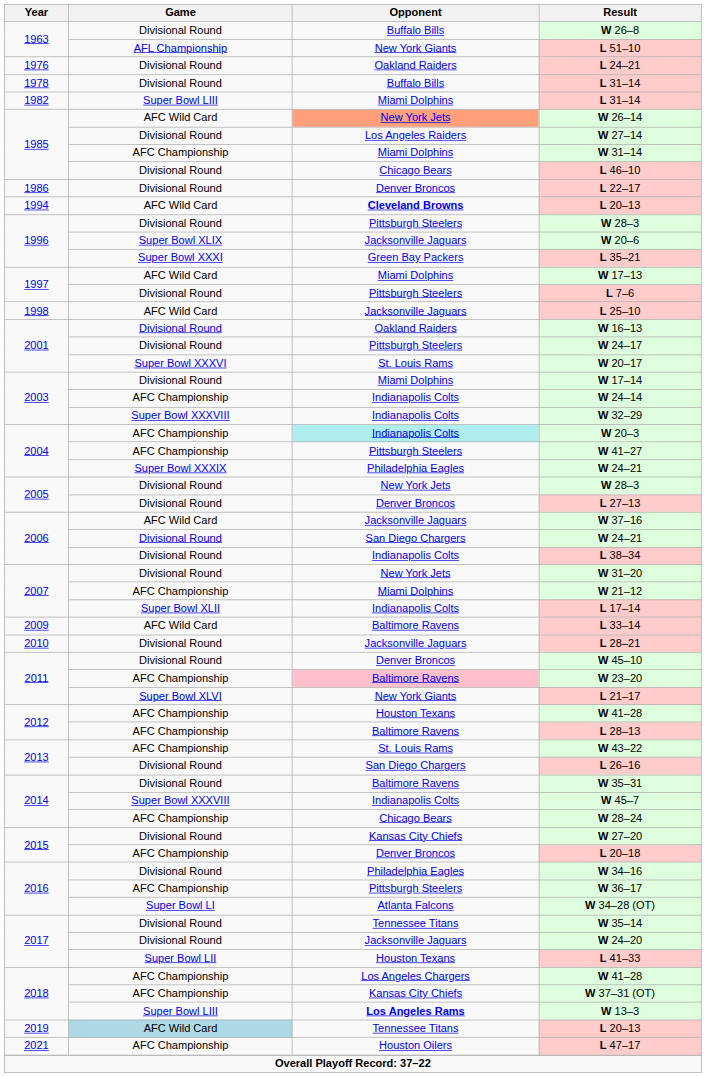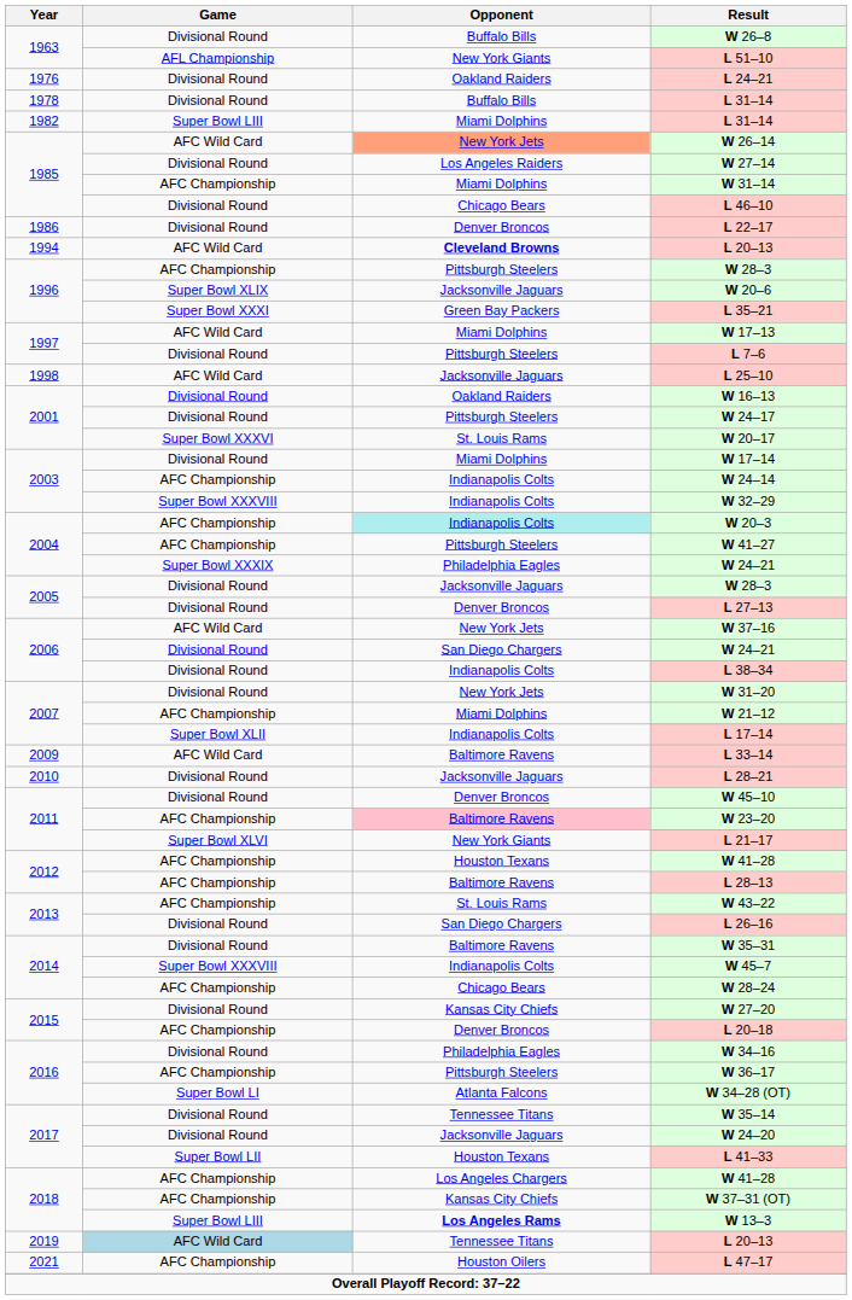 <table class="wikitable" style="width:80%;text-align:center">
 <tr>
 <th>Year</th>
 <th>Game</th>
 <th>Opponent</th>
 <th>Result</th>
 </tr>
 <tr>
 <td rowspan="2"><a href='#'>1963</a></td>
 <td>Divisional Round</td>
 <td><a href='#'>Buffalo Bills</a></td>
 <td style="background:#dfd"><strong>W</strong> 26–8</td>
 </tr>
 <tr>
 <td><a href='#'>AFL Championship</a></td>
 <td><a href='#'>New York Giants</a></td>
 <td style="background:#fcc"><strong>L</strong> 51–10</td>
 </tr>
 <tr>
 <td><a href='#'>1976</a></td>
 <td>Divisional Round</td>
 <td><a href='#'>Oakland Raiders</a></td>
 <td style="background:#fcc"><strong>L</strong> 24–21</td>
 </tr>
 <tr>
 <td><a href='#'>1978</a></td>
 <td>Divisional Round</td>
 <td><a href='#'>Buffalo Bills</a></td>
 <td style="background:#fcc"><strong>L</strong> 31–14</td>
 </tr>
 <tr>
 <td><a href='#'>1982</a></td>
 <td><a href='#'>Super Bowl LIII</a></td>
 <td><a href='#'>Miami Dolphins</a></td>
 <td style="background:#fcc"><strong>L</strong> 31–14</td>
 </tr>
 <tr>
 <td rowspan="4"><a href='#'>1985</a></td>
 <td>AFC Wild Card</td>
 <td style="background: lightsalmon;"><a href='#'>New York Jets</a></td>
 <td style="background:#dfd"><strong>W</strong> 26–14</td>
 </tr>
 <tr>
 <td>Divisional Round</td>
 <td><a href='#'>Los Angeles Raiders</a></td>
 <td style="background:#dfd"><strong>W</strong> 27–14</td>
 </tr>
 <tr>
 <td>AFC Championship</td>
 <td><a href='#'>Miami Dolphins</a></td>
 <td style="background:#dfd"><strong>W</strong> 31–14</td>
 </tr>
 <tr>
 <td>Divisional Round</td>
 <td><a href='#'>Chicago Bears</a></td>
 <td style="background:#fcc"><strong>L</strong> 46–10</td>
 </tr>
 <tr>
 <td><a href='#'>1986</a></td>
 <td>Divisional Round</td>
 <td><a href='#'>Denver Broncos</a></td>
 <td style="background:#fcc"><strong>L</strong> 22–17</td>
 </tr>
 <tr>
 <td><a href='#'>1994</a></td>
 <td>AFC Wild Card</td>
 <td><strong><a href='#'>Cleveland Browns</a></strong></td>
 <td style="background:#fcc"><strong>L</strong> 20–13</td>
 </tr>
 <tr>
 <td rowspan="3"><a href='#'>1996</a></td>
-<td>Divisional Round</td>
+<td>AFC Championship</td>
 <td><a href='#'>Pittsburgh Steelers</a></td>
 <td style="background:#dfd"><strong>W</strong> 28–3</td>
 </tr>
 <tr>
 <td><a href='#'>Super Bowl XLIX</a></td>
 <td><a href='#'>Jacksonville Jaguars</a></td>
 <td style="background:#dfd"><strong>W</strong> 20–6</td>
 </tr>
 <tr>
 <td><a href='#'>Super Bowl XXXI</a></td>
 <td><a href='#'>Green Bay Packers</a></td>
 <td style="background:#fcc"><strong>L</strong> 35–21</td>
 </tr>
 <tr>
 <td rowspan="2"><a href='#'>1997</a></td>
 <td>AFC Wild Card</td>
 <td><a href='#'>Miami Dolphins</a></td>
 <td style="background:#dfd"><strong>W</strong> 17–13</td>
 </tr>
 <tr>
 <td>Divisional Round</td>
 <td><a href='#'>Pittsburgh Steelers</a></td>
 <td style="background:#fcc"><strong>L</strong> 7–6</td>
 </tr>
 <tr>
 <td><a href='#'>1998</a></td>
 <td>AFC Wild Card</td>
 <td><a href='#'>Jacksonville Jaguars</a></td>
 <td style="background:#fcc"><strong>L</strong> 25–10</td>
 </tr>
 <tr>
 <td rowspan="3"><a href='#'>2001</a></td>
 <td><a href='#'>Divisional Round</a></td>
 <td><a href='#'>Oakland Raiders</a></td>
 <td style="background:#dfd"><strong>W</strong> 16–13</td>
 </tr>
 <tr>
 <td>Divisional Round</td>
 <td><a href='#'>Pittsburgh Steelers</a></td>
 <td style="background:#dfd"><strong>W</strong> 24–17</td>
 </tr>
 <tr>
 <td><a href='#'>Super Bowl XXXVI</a></td>
 <td><a href='#'>St. Louis Rams</a></td>
 <td style="background:#dfd"><strong>W</strong> 20–17</td>
 </tr>
 <tr>
 <td rowspan="3"><a href='#'>2003</a></td>
 <td>Divisional Round</td>
 <td><a href='#'>Miami Dolphins</a></td>
 <td style="background:#dfd"><strong>W</strong> 17–14</td>
 </tr>
 <tr>
 <td>AFC Championship</td>
 <td><a href='#'>Indianapolis Colts</a></td>
 <td style="background:#dfd"><strong>W</strong> 24–14</td>
 </tr>
 <tr>
 <td><a href='#'>Super Bowl XXXVIII</a></td>
 <td><a href='#'>Indianapolis Colts</a></td>
 <td style="background:#dfd"><strong>W</strong> 32–29</td>
 </tr>
 <tr>
 <td rowspan="3"><a href='#'>2004</a></td>
 <td>AFC Championship</td>
 <td style="background: paleturquoise;"><a href='#'>Indianapolis Colts</a></td>
 <td style="background:#dfd"><strong>W</strong> 20–3</td>
 </tr>
 <tr>
 <td>AFC Championship</td>
 <td><a href='#'>Pittsburgh Steelers</a></td>
 <td style="background:#dfd"><strong>W</strong> 41–27</td>
 </tr>
 <tr>
 <td><a href='#'>Super Bowl XXXIX</a></td>
 <td><a href='#'>Philadelphia Eagles</a></td>
 <td style="background:#dfd"><strong>W</strong> 24–21</td>
 </tr>
 <tr>
 <td rowspan="2"><a href='#'>2005</a></td>
 <td>Divisional Round</td>
-<td><a href='#'>New York Jets</a></td>
+<td><a href='#'>Jacksonville Jaguars</a></td>
 <td style="background:#dfd"><strong>W</strong> 28–3</td>
 </tr>
 <tr>
 <td>Divisional Round</td>
 <td><a href='#'>Denver Broncos</a></td>
 <td style="background:#fcc"><strong>L</strong> 27–13</td>
 </tr>
 <tr>
 <td rowspan="3"><a href='#'>2006</a></td>
 <td>AFC Wild Card</td>
-<td><a href='#'>Jacksonville Jaguars</a></td>
+<td><a href='#'>New York Jets</a></td>
 <td style="background:#dfd"><strong>W</strong> 37–16</td>
 </tr>
 <tr>
 <td><a href='#'>Divisional Round</a></td>
 <td><a href='#'>San Diego Chargers</a></td>
 <td style="background:#dfd"><strong>W</strong> 24–21</td>
 </tr>
 <tr>
 <td>Divisional Round</td>
 <td><a href='#'>Indianapolis Colts</a></td>
 <td style="background:#fcc"><strong>L</strong> 38–34</td>
 </tr>
 <tr>
 <td rowspan="3"><a href='#'>2007</a></td>
 <td>Divisional Round</td>
 <td><a href='#'>New York Jets</a></td>
 <td style="background:#dfd"><strong>W</strong> 31–20</td>
 </tr>
 <tr>
 <td>AFC Championship</td>
 <td><a href='#'>Miami Dolphins</a></td>
 <td style="background:#dfd"><strong>W</strong> 21–12</td>
 </tr>
 <tr>
 <td><a href='#'>Super Bowl XLII</a></td>
 <td><a href='#'>Indianapolis Colts</a></td>
 <td style="background:#fcc"><strong>L</strong> 17–14</td>
 </tr>
 <tr>
 <td><a href='#'>2009</a></td>
 <td>AFC Wild Card</td>
 <td><a href='#'>Baltimore Ravens</a></td>
 <td style="background:#fcc"><strong>L</strong> 33–14</td>
 </tr>
 <tr>
 <td><a href='#'>2010</a></td>
 <td>Divisional Round</td>
 <td><a href='#'>Jacksonville Jaguars</a></td>
 <td style="background:#fcc"><strong>L</strong> 28–21</td>
 </tr>
 <tr>
 <td rowspan="3"><a href='#'>2011</a></td>
 <td>Divisional Round</td>
 <td><a href='#'>Denver Broncos</a></td>
 <td style="background:#dfd"><strong>W</strong> 45–10</td>
 </tr>
 <tr>
 <td>AFC Championship</td>
 <td style="background: pink;"><a href='#'>Baltimore Ravens</a></td>
 <td style="background:#dfd"><strong>W</strong> 23–20</td>
 </tr>
 <tr>
 <td><a href='#'>Super Bowl XLVI</a></td>
 <td><a href='#'>New York Giants</a></td>
 <td style="background:#fcc"><strong>L</strong> 21–17</td>
 </tr>
 <tr>
 <td rowspan="2"><a href='#'>2012</a></td>
 <td>AFC Championship</td>
 <td><a href='#'>Houston Texans</a></td>
 <td style="background:#dfd"><strong>W</strong> 41–28</td>
 </tr>
 <tr>
 <td>AFC Championship</td>
 <td><a href='#'>Baltimore Ravens</a></td>
 <td style="background:#fcc"><strong>L</strong> 28–13</td>
 </tr>
 <tr>
 <td rowspan="2"><a href='#'>2013</a></td>
 <td>AFC Championship</td>
 <td><a href='#'>St. Louis Rams</a></td>
 <td style="background:#dfd"><strong>W</strong> 43–22</td>
 </tr>
 <tr>
 <td>Divisional Round</td>
 <td><a href='#'>San Diego Chargers</a></td>
 <td style="background:#fcc"><strong>L</strong> 26–16</td>
 </tr>
 <tr>
 <td rowspan="3"><a href='#'>2014</a></td>
 <td>Divisional Round</td>
 <td><a href='#'>Baltimore Ravens</a></td>
 <td style="background:#dfd"><strong>W</strong> 35–31</td>
 </tr>
 <tr>
 <td><a href='#'>Super Bowl XXXVIII</a></td>
 <td><a href='#'>Indianapolis Colts</a></td>
 <td style="background:#dfd"><strong>W</strong> 45–7</td>
 </tr>
 <tr>
 <td>AFC Championship</td>
 <td><a href='#'>Chicago Bears</a></td>
 <td style="background:#dfd"><strong>W</strong> 28–24</td>
 </tr>
 <tr>
 <td rowspan="2"><a href='#'>2015</a></td>
 <td>Divisional Round</td>
 <td><a href='#'>Kansas City Chiefs</a></td>
 <td style="background:#dfd"><strong>W</strong> 27–20</td>
 </tr>
 <tr>
 <td>AFC Championship</td>
 <td><a href='#'>Denver Broncos</a></td>
 <td style="background:#fcc"><strong>L</strong> 20–18</td>
 </tr>
 <tr>
 <td rowspan="3"><a href='#'>2016</a></td>
 <td>Divisional Round</td>
 <td><a href='#'>Philadelphia Eagles</a></td>
 <td style="background:#dfd"><strong>W</strong> 34–16</td>
 </tr>
 <tr>
 <td>AFC Championship</td>
 <td><a href='#'>Pittsburgh Steelers</a></td>
 <td style="background:#dfd"><strong>W</strong> 36–17</td>
 </tr>
 <tr>
 <td><a href='#'>Super Bowl LI</a></td>
 <td><a href='#'>Atlanta Falcons</a></td>
 <td style="background:#dfd"><strong>W</strong> 34–28 (OT)</td>
 </tr>
 <tr>
 <td rowspan="3"><a href='#'>2017</a></td>
 <td>Divisional Round</td>
 <td><a href='#'>Tennessee Titans</a></td>
 <td style="background:#dfd"><strong>W</strong> 35–14</td>
 </tr>
 <tr>
 <td>Divisional Round</td>
 <td><a href='#'>Jacksonville Jaguars</a></td>
 <td style="background:#dfd"><strong>W</strong> 24–20</td>
 </tr>
 <tr>
 <td><a href='#'>Super Bowl LII</a></td>
 <td><a href='#'>Houston Texans</a></td>
 <td style="background:#fcc"><strong>L</strong> 41–33</td>
 </tr>
 <tr>
 <td rowspan="3"><a href='#'>2018</a></td>
 <td>AFC Championship</td>
 <td><a href='#'>Los Angeles Chargers</a></td>
 <td style="background:#dfd"><strong>W</strong> 41–28</td>
 </tr>
 <tr>
 <td>AFC Championship</td>
 <td><a href='#'>Kansas City Chiefs</a></td>
 <td style="background:#dfd"><strong>W</strong> 37–31 (OT)</td>
 </tr>
 <tr>
 <td><a href='#'>Super Bowl LIII</a></td>
 <td><strong><a href='#'>Los Angeles Rams</a></strong></td>
 <td style="background:#dfd"><strong>W</strong> 13–3</td>
 </tr>
 <tr>
 <td><a href='#'>2019</a></td>
 <td style="background: lightblue;">AFC Wild Card</td>
 <td><a href='#'>Tennessee Titans</a></td>
 <td style="background:#fcc"><strong>L</strong> 20–13</td>
 </tr>
 <tr>
 <td><a href='#'>2021</a></td>
 <td>AFC Championship</td>
 <td><a href='#'>Houston Oilers</a></td>
 <td style="background:#fcc"><strong>L</strong> 47–17</td>
 </tr>
 <tr>
 </tr>
 <tr>
 <td colspan="4"><span><strong>Overall Playoff Record: 37–22</strong></span></td>
 </tr>
 </table>
